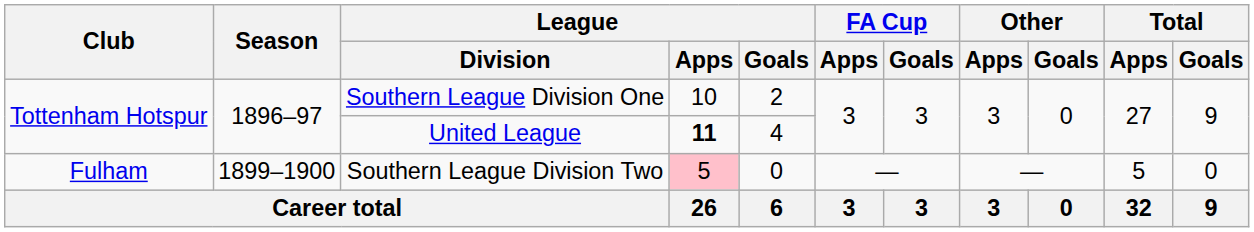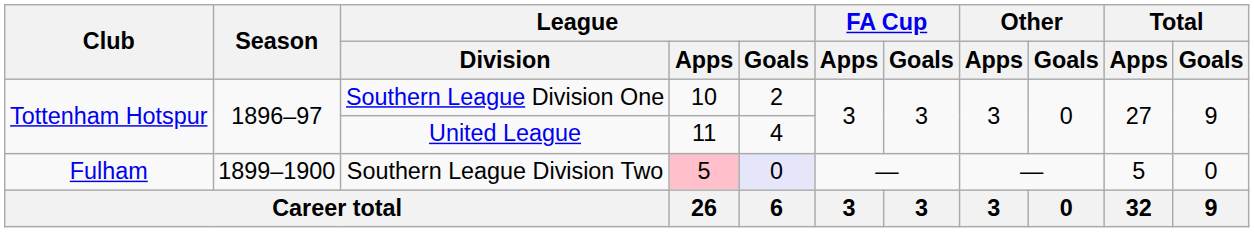 <table class="wikitable" style="text-align:center">
 <tr>
 <th rowspan="2">Club</th>
 <th rowspan="2">Season</th>
 <th colspan="3">League</th>
 <th colspan="2"><a href='#'>FA Cup</a></th>
 <th colspan="2">Other</th>
 <th colspan="2">Total</th>
 </tr>
 <tr>
 <th>Division</th>
 <th>Apps</th>
 <th>Goals</th>
 <th>Apps</th>
 <th>Goals</th>
 <th>Apps</th>
 <th>Goals</th>
 <th>Apps</th>
 <th>Goals</th>
 </tr>
 <tr>
 <td rowspan="2"><a href='#'>Tottenham Hotspur</a></td>
 <td rowspan="2">1896–97</td>
 <td><a href='#'>Southern League</a> Division One</td>
 <td>10</td>
 <td>2</td>
 <td rowspan="2">3</td>
 <td rowspan="2">3</td>
 <td rowspan="2">3</td>
 <td rowspan="2">0</td>
 <td rowspan="2">27</td>
 <td rowspan="2">9</td>
 </tr>
 <tr>
 <td><a href='#'>United League</a></td>
-<td><strong>11</strong></td>
+<td>11</td>
 <td>4</td>
 </tr>
 <tr>
 <td><a href='#'>Fulham</a></td>
 <td>1899–1900</td>
 <td>Southern League Division Two</td>
 <td style="background: pink;">5</td>
-<td>0</td>
+<td style="background: lavender;">0</td>
 <td colspan="2">—</td>
 <td colspan="2">—</td>
 <td>5</td>
 <td>0</td>
 </tr>
 <tr>
 <th colspan="3">Career total</th>
 <th>26</th>
 <th>6</th>
 <th>3</th>
 <th>3</th>
 <th>3</th>
 <th>0</th>
 <th>32</th>
 <th>9</th>
 </tr>
 </table>
